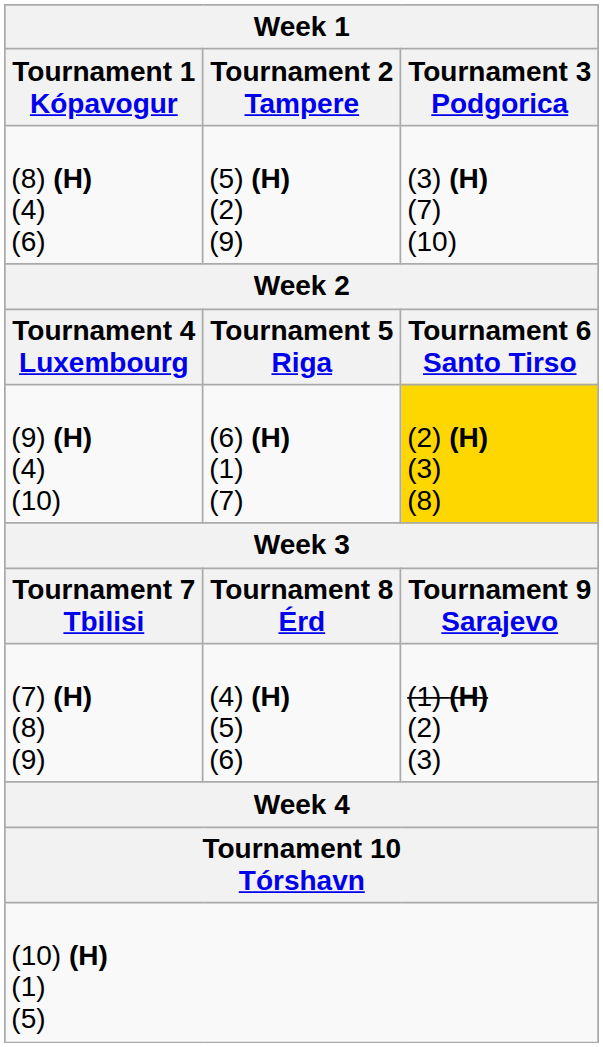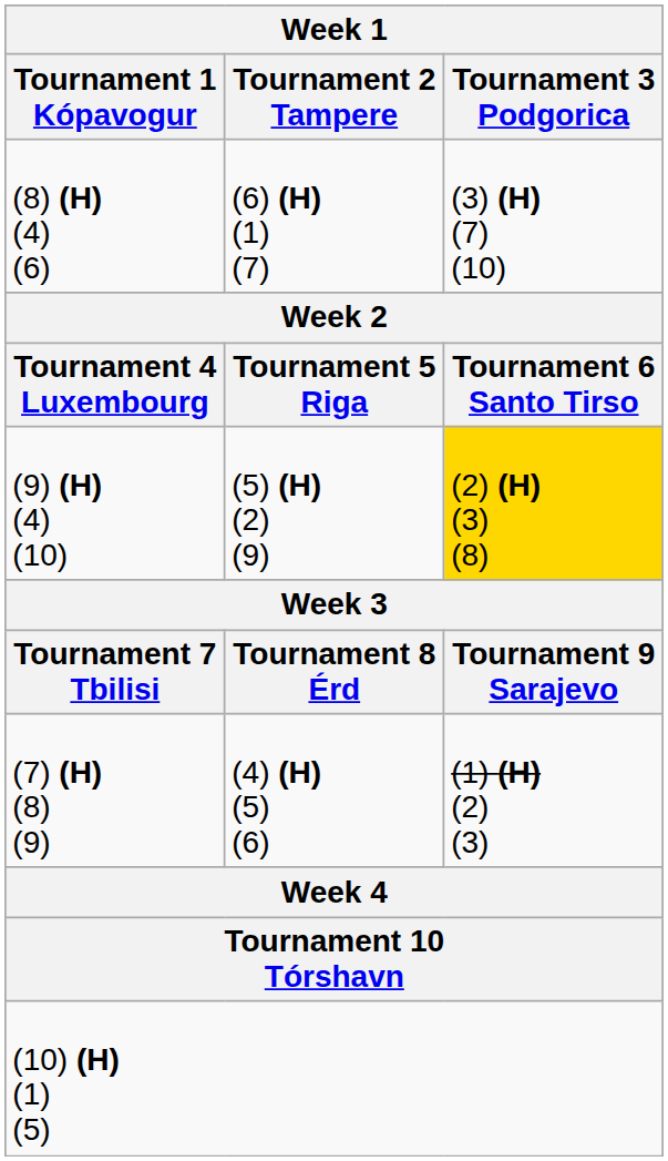 <table class="wikitable">
 <tr>
 <th colspan="3">Week 1</th>
 </tr>
 <tr>
 <th width=33%>Tournament 1<br> <a href='#'>Kópavogur</a></th>
 <th width=33%>Tournament 2<br> <a href='#'>Tampere</a></th>
 <th width=33%>Tournament 3<br> <a href='#'>Podgorica</a></th>
 </tr>
 <tr>
 <td><br> (8) <strong>(H)</strong><br>  (4)<br>  (6)</td>
-<td><br> (5) <strong>(H)</strong><br>  (2)<br>  (9)</td>
+<td><br> (6) <strong>(H)</strong><br> <s></s> (1)<br>  (7)</td>
 <td><br> (3) <strong>(H)</strong><br>  (7)<br>  (10)</td>
 </tr>
 <tr>
 <th colspan="3">Week 2</th>
 </tr>
 <tr>
 <th>Tournament 4<br> <a href='#'>Luxembourg</a></th>
 <th>Tournament 5<br> <a href='#'>Riga</a></th>
 <th>Tournament 6<br> <a href='#'>Santo Tirso</a></th>
 </tr>
 <tr>
 <td><br> (9) <strong>(H)</strong><br>  (4)<br>  (10)</td>
-<td><br> (6) <strong>(H)</strong><br> <s></s> (1)<br>  (7)</td>
+<td><br> (5) <strong>(H)</strong><br>  (2)<br>  (9)</td>
 <td style="background: gold;"><br> (2) <strong>(H)</strong><br>  (3)<br>  (8)</td>
 </tr>
 <tr>
 <th colspan="3">Week 3</th>
 </tr>
 <tr>
 <th>Tournament 7<br> <a href='#'>Tbilisi</a></th>
 <th>Tournament 8<br> <a href='#'>Érd</a></th>
 <th>Tournament 9<br> <a href='#'>Sarajevo</a></th>
 </tr>
 <tr>
 <td><br> (7) <strong>(H)</strong><br>  (8)<br>  (9)</td>
 <td><br> (4) <strong>(H)</strong><br>  (5)<br>  (6)</td>
 <td><br><s> (1) <strong>(H)</strong></s><br>  (2)<br>  (3)</td>
 </tr>
 <tr>
 <th colspan="3">Week 4</th>
 </tr>
 <tr>
 <th colspan="3">Tournament 10<br> <a href='#'>Tórshavn</a></th>
 </tr>
 <tr>
 <td colspan="3"><br> (10) <strong>(H)</strong><br> <s></s> (1)<br>  (5)</td>
 </tr>
 </table>
